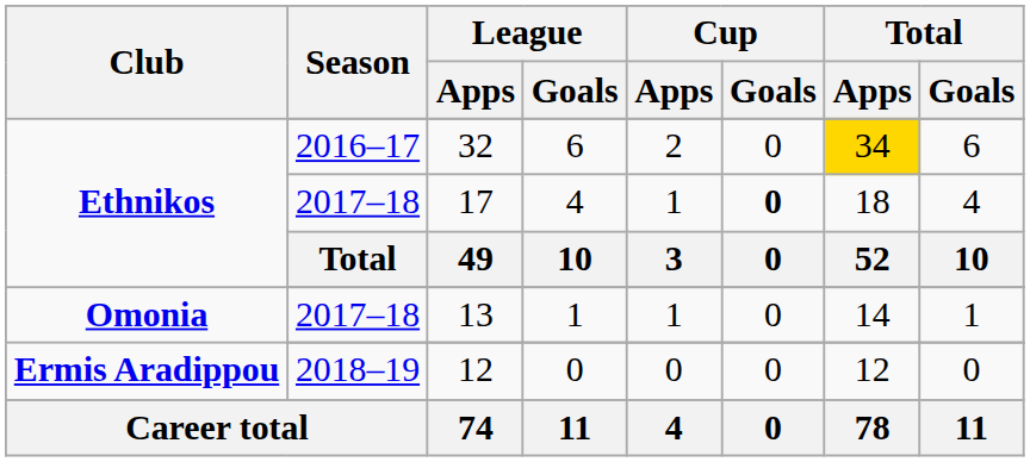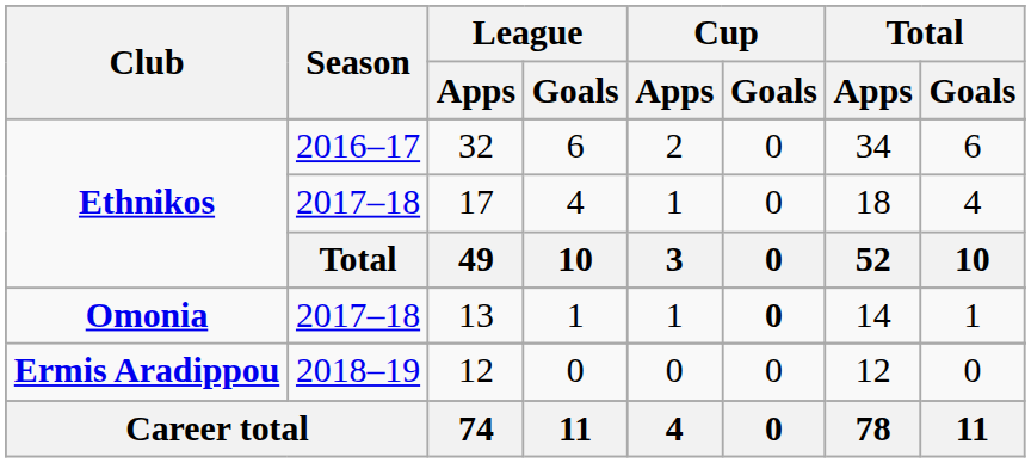 <table class="wikitable" style="text-align:center;">
 <tr>
 <th rowspan="2">Club</th>
 <th rowspan="2">Season</th>
 <th colspan="2">League</th>
 <th colspan="2">Cup</th>
 <th colspan="2">Total</th>
 </tr>
 <tr>
 <th>Apps</th>
 <th>Goals</th>
 <th>Apps</th>
 <th>Goals</th>
 <th>Apps</th>
 <th>Goals</th>
 </tr>
 <tr ||-||-||-|->
 <td rowspan="4" valign="center"><strong><a href='#'>Ethnikos</a></strong></td>
 </tr>
 <tr>
 <td><a href='#'>2016–17</a></td>
 <td>32</td>
 <td>6</td>
 <td>2</td>
 <td>0</td>
-<td style="background: gold;">34</td>
+<td>34</td>
 <td>6</td>
 </tr>
 <tr>
 <td><a href='#'>2017–18</a></td>
 <td>17</td>
 <td>4</td>
 <td>1</td>
-<td><strong>0</strong></td>
+<td>0</td>
 <td>18</td>
 <td>4</td>
 </tr>
 <tr>
 <th>Total</th>
 <th>49</th>
 <th>10</th>
 <th>3</th>
 <th>0</th>
 <th>52</th>
 <th>10</th>
 </tr>
 <tr>
 <td rowspan="2" valign="center"><strong><a href='#'>Omonia</a></strong></td>
 </tr>
 <tr>
 <td><a href='#'>2017–18</a></td>
 <td>13</td>
 <td>1</td>
 <td>1</td>
-<td>0</td>
+<td><strong>0</strong></td>
 <td>14</td>
 <td>1</td>
 </tr>
 <tr>
 <td rowspan="2" valign="center"><strong><a href='#'>Ermis Aradippou</a></strong></td>
 </tr>
 <tr>
 <td><a href='#'>2018–19</a></td>
 <td>12</td>
 <td>0</td>
 <td>0</td>
 <td>0</td>
 <td>12</td>
 <td>0</td>
 </tr>
 <tr>
 <th colspan=2>Career total</th>
 <th>74</th>
 <th>11</th>
 <th>4</th>
 <th>0</th>
 <th>78</th>
 <th>11</th>
 </tr>
 </table>
